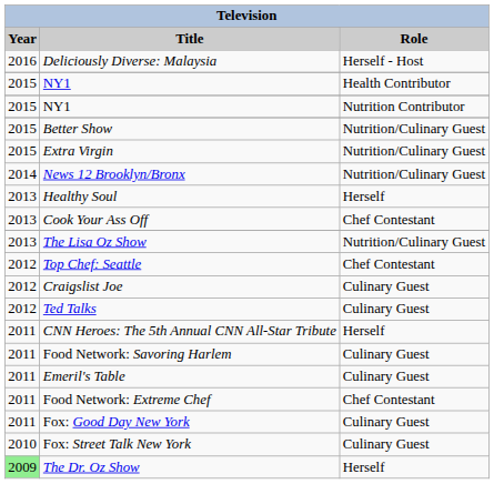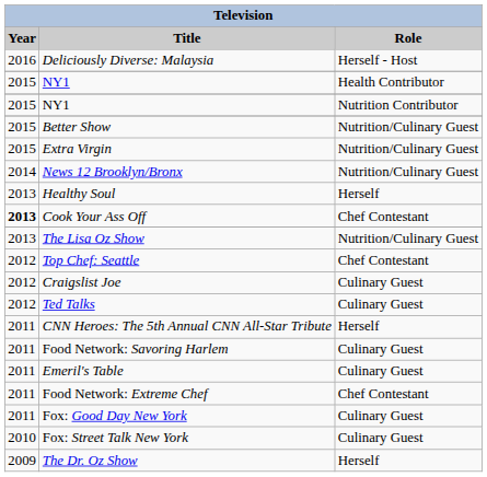 <table class="wikitable">
 <tr style="text-align:center;">
 <th colspan=4 style="background:#B0C4DE;">Television</th>
 </tr>
 <tr style="text-align:center;">
 <th style="background:#ccc;">Year</th>
 <th style="background:#ccc;">Title</th>
 <th style="background:#ccc;">Role</th>
 </tr>
 <tr ->
 <td>2016</td>
 <td><em>Deliciously Diverse: Malaysia</em></td>
 <td>Herself - Host</td>
 </tr>
 <tr>
 </tr>
 <tr ->
 <td>2015</td>
 <td><a href='#'>NY1</a></td>
 <td>Health Contributor</td>
 </tr>
 <tr>
 </tr>
 <tr ->
 <td>2015</td>
 <td>NY1</td>
 <td>Nutrition Contributor</td>
 </tr>
 <tr>
 </tr>
 <tr ->
 <td>2015</td>
 <td><em>Better Show</em></td>
 <td>Nutrition/Culinary Guest</td>
 </tr>
 <tr>
 <td>2015</td>
 <td><em>Extra Virgin</em></td>
 <td>Nutrition/Culinary Guest</td>
 </tr>
 <tr>
 <td>2014</td>
 <td><em><a href='#'>News 12 Brooklyn/Bronx</a></em></td>
 <td>Nutrition/Culinary Guest</td>
 </tr>
 <tr>
 <td>2013</td>
 <td><em>Healthy Soul</em></td>
 <td>Herself</td>
 </tr>
 <tr>
-<td>2013</td>
+<td><strong>2013</strong></td>
 <td><em>Cook Your Ass Off</em></td>
 <td>Chef Contestant</td>
 </tr>
 <tr>
 </tr>
 <tr>
 <td>2013</td>
 <td><em><a href='#'>The Lisa Oz Show</a></em></td>
 <td>Nutrition/Culinary Guest</td>
 </tr>
 <tr>
 <td>2012</td>
 <td><em><a href='#'>Top Chef: Seattle</a></em></td>
 <td>Chef Contestant</td>
 </tr>
 <tr>
 <td>2012</td>
 <td><em>Craigslist Joe</em></td>
 <td>Culinary Guest</td>
 </tr>
 <tr>
 <td>2012</td>
 <td><em><a href='#'>Ted Talks</a></em></td>
 <td>Culinary Guest</td>
 </tr>
 <tr>
 <td>2011</td>
 <td><em>CNN Heroes: The 5th Annual CNN All-Star Tribute</em></td>
 <td>Herself</td>
 </tr>
 <tr>
 <td>2011</td>
 <td>Food Network: <em>Savoring Harlem</em></td>
 <td>Culinary Guest</td>
 </tr>
 <tr>
 <td>2011</td>
 <td><em>Emeril's Table</em></td>
 <td>Culinary Guest</td>
 </tr>
 <tr>
 <td>2011</td>
 <td>Food Network: <em>Extreme Chef</em></td>
 <td>Chef Contestant</td>
 </tr>
 <tr>
 <td>2011</td>
 <td>Fox: <em><a href='#'>Good Day New York</a></em></td>
 <td>Culinary Guest</td>
 </tr>
 <tr>
 <td>2010</td>
 <td>Fox: <em>Street Talk New York</em></td>
 <td>Culinary Guest</td>
 </tr>
 <tr>
-<td style="background: lightgreen;">2009</td>
+<td>2009</td>
 <td><em><a href='#'>The Dr. Oz Show</a></em></td>
 <td>Herself</td>
 </tr>
 </table>
